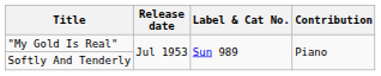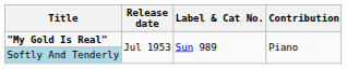 <table class="wikitable">
 <tr>
 <th>Title</th>
 <th>Release<br>date</th>
 <th>Label & Cat No.</th>
 <th>Contribution</th>
 </tr>
 <tr>
-<td>"My Gold Is Real"</td>
+<td><strong>"My Gold Is Real"</strong></td>
 <td rowspan="2">Jul 1953</td>
 <td rowspan="2"><a href='#'>Sun</a> 989</td>
 <td rowspan="2">Piano</td>
 </tr>
 <tr>
-<td>Softly And Tenderly</td>
+<td style="background: lightblue;">Softly And Tenderly</td>
 </tr>
 </table>
